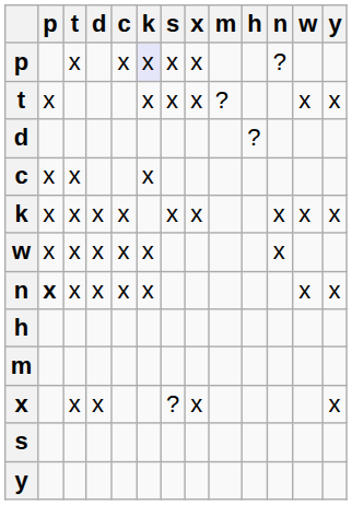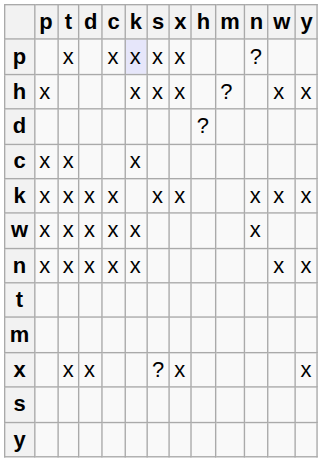 <table class="wikitable">
 <tr>
 <th></th>
 <th>p</th>
 <th>t</th>
 <th>d</th>
 <th>c</th>
 <th>k</th>
 <th>s</th>
 <th>x</th>
+<th>h</th>
 <th>m</th>
-<th>h</th>
 <th>n</th>
 <th>w</th>
 <th>y</th>
 </tr>
 <tr>
 <th>p</th>
 <td></td>
 <td>x</td>
 <td></td>
 <td>x</td>
 <td style="background: lavender;">x</td>
 <td>x</td>
 <td>x</td>
 <td></td>
 <td></td>
 <td>?</td>
 <td></td>
 <td></td>
 </tr>
 <tr>
-<th>t</th>
+<th>h</th>
 <td>x</td>
 <td></td>
 <td></td>
 <td></td>
 <td>x</td>
 <td>x</td>
 <td>x</td>
+<td></td>
 <td>?</td>
-<td></td>
 <td></td>
 <td>x</td>
 <td>x</td>
 </tr>
 <tr>
 <th>d</th>
 <td></td>
 <td></td>
 <td></td>
 <td></td>
 <td></td>
 <td></td>
 <td></td>
+<td>?</td>
 <td></td>
-<td>?</td>
 <td></td>
 <td></td>
 <td></td>
 </tr>
 <tr>
 <th>c</th>
 <td>x</td>
 <td>x</td>
 <td></td>
 <td></td>
 <td>x</td>
 <td></td>
 <td></td>
 <td></td>
 <td></td>
 <td></td>
 <td></td>
 <td></td>
 </tr>
 <tr>
 <th>k</th>
 <td>x</td>
 <td>x</td>
 <td>x</td>
 <td>x</td>
 <td></td>
 <td>x</td>
 <td>x</td>
 <td></td>
 <td></td>
 <td>x</td>
 <td>x</td>
 <td>x</td>
 </tr>
 <tr>
 <th>w</th>
 <td>x</td>
 <td>x</td>
 <td>x</td>
 <td>x</td>
 <td>x</td>
 <td></td>
 <td></td>
 <td></td>
 <td></td>
 <td>x</td>
 <td></td>
 <td></td>
 </tr>
 <tr>
 <th>n</th>
-<td><strong>x</strong></td>
+<td>x</td>
 <td>x</td>
 <td>x</td>
 <td>x</td>
 <td>x</td>
 <td></td>
 <td></td>
 <td></td>
 <td></td>
 <td></td>
 <td>x</td>
 <td>x</td>
 </tr>
 <tr>
-<th>h</th>
+<th>t</th>
 <td></td>
 <td></td>
 <td></td>
 <td></td>
 <td></td>
 <td></td>
 <td></td>
 <td></td>
 <td></td>
 <td></td>
 <td></td>
 <td></td>
 </tr>
 <tr>
 <th>m</th>
 <td></td>
 <td></td>
 <td></td>
 <td></td>
 <td></td>
 <td></td>
 <td></td>
 <td></td>
 <td></td>
 <td></td>
 <td></td>
 <td></td>
 </tr>
 <tr>
 <th>x</th>
 <td></td>
 <td>x</td>
 <td>x</td>
 <td></td>
 <td></td>
 <td>?</td>
 <td>x</td>
 <td></td>
 <td></td>
 <td></td>
 <td></td>
 <td>x</td>
 </tr>
 <tr>
 <th>s</th>
 <td></td>
 <td></td>
 <td></td>
 <td></td>
 <td></td>
 <td></td>
 <td></td>
 <td></td>
 <td></td>
 <td></td>
 <td></td>
 <td></td>
 </tr>
 <tr>
 <th>y</th>
 <td></td>
 <td></td>
 <td></td>
 <td></td>
 <td></td>
 <td></td>
 <td></td>
 <td></td>
 <td></td>
 <td></td>
 <td></td>
 <td></td>
 </tr>
 </table>
